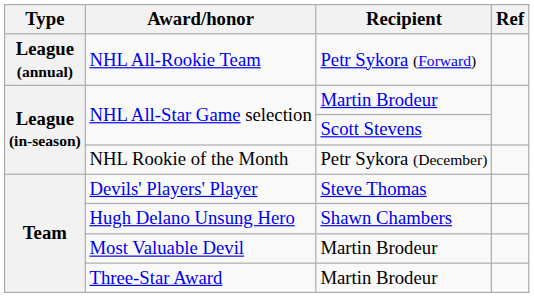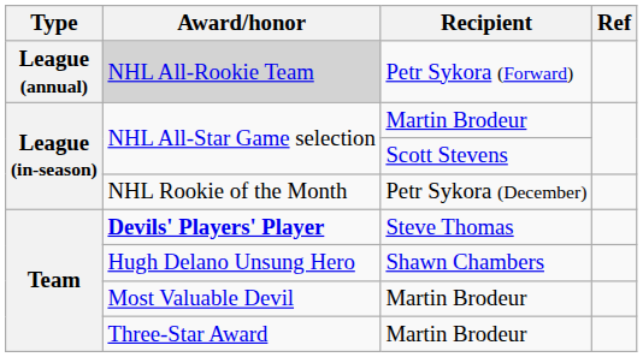 <table class="wikitable">
 <tr>
 <th scope="col">Type</th>
 <th scope="col">Award/honor</th>
 <th scope="col">Recipient</th>
 <th scope="col">Ref</th>
 </tr>
 <tr>
 <th scope="row">League<br><small>(annual)</small></th>
-<td><a href='#'>NHL All-Rookie Team</a></td>
+<td style="background: lightgrey;"><a href='#'>NHL All-Rookie Team</a></td>
 <td><a href='#'>Petr Sykora</a> <small>(<a href='#'>Forward</a>)</small></td>
 <td></td>
 </tr>
 <tr>
 <th scope="row" rowspan=3>League<br><small>(in-season)</small></th>
 <td rowspan=2><a href='#'>NHL All-Star Game</a> selection</td>
 <td><a href='#'>Martin Brodeur</a></td>
 <td rowspan=2></td>
 </tr>
 <tr>
 <td><a href='#'>Scott Stevens</a></td>
 </tr>
 <tr>
 <td>NHL Rookie of the Month</td>
 <td>Petr Sykora <small>(December)</small></td>
 <td></td>
 </tr>
 <tr>
 <th scope="row" rowspan="4">Team</th>
-<td><a href='#'>Devils' Players' Player</a></td>
+<td><strong><a href='#'>Devils' Players' Player</a></strong></td>
 <td><a href='#'>Steve Thomas</a></td>
 <td></td>
 </tr>
 <tr>
 <td><a href='#'>Hugh Delano Unsung Hero</a></td>
 <td><a href='#'>Shawn Chambers</a></td>
 <td></td>
 </tr>
 <tr>
 <td><a href='#'>Most Valuable Devil</a></td>
 <td>Martin Brodeur</td>
 <td></td>
 </tr>
 <tr>
 <td><a href='#'>Three-Star Award</a></td>
 <td>Martin Brodeur</td>
 <td></td>
 </tr>
 </table>
